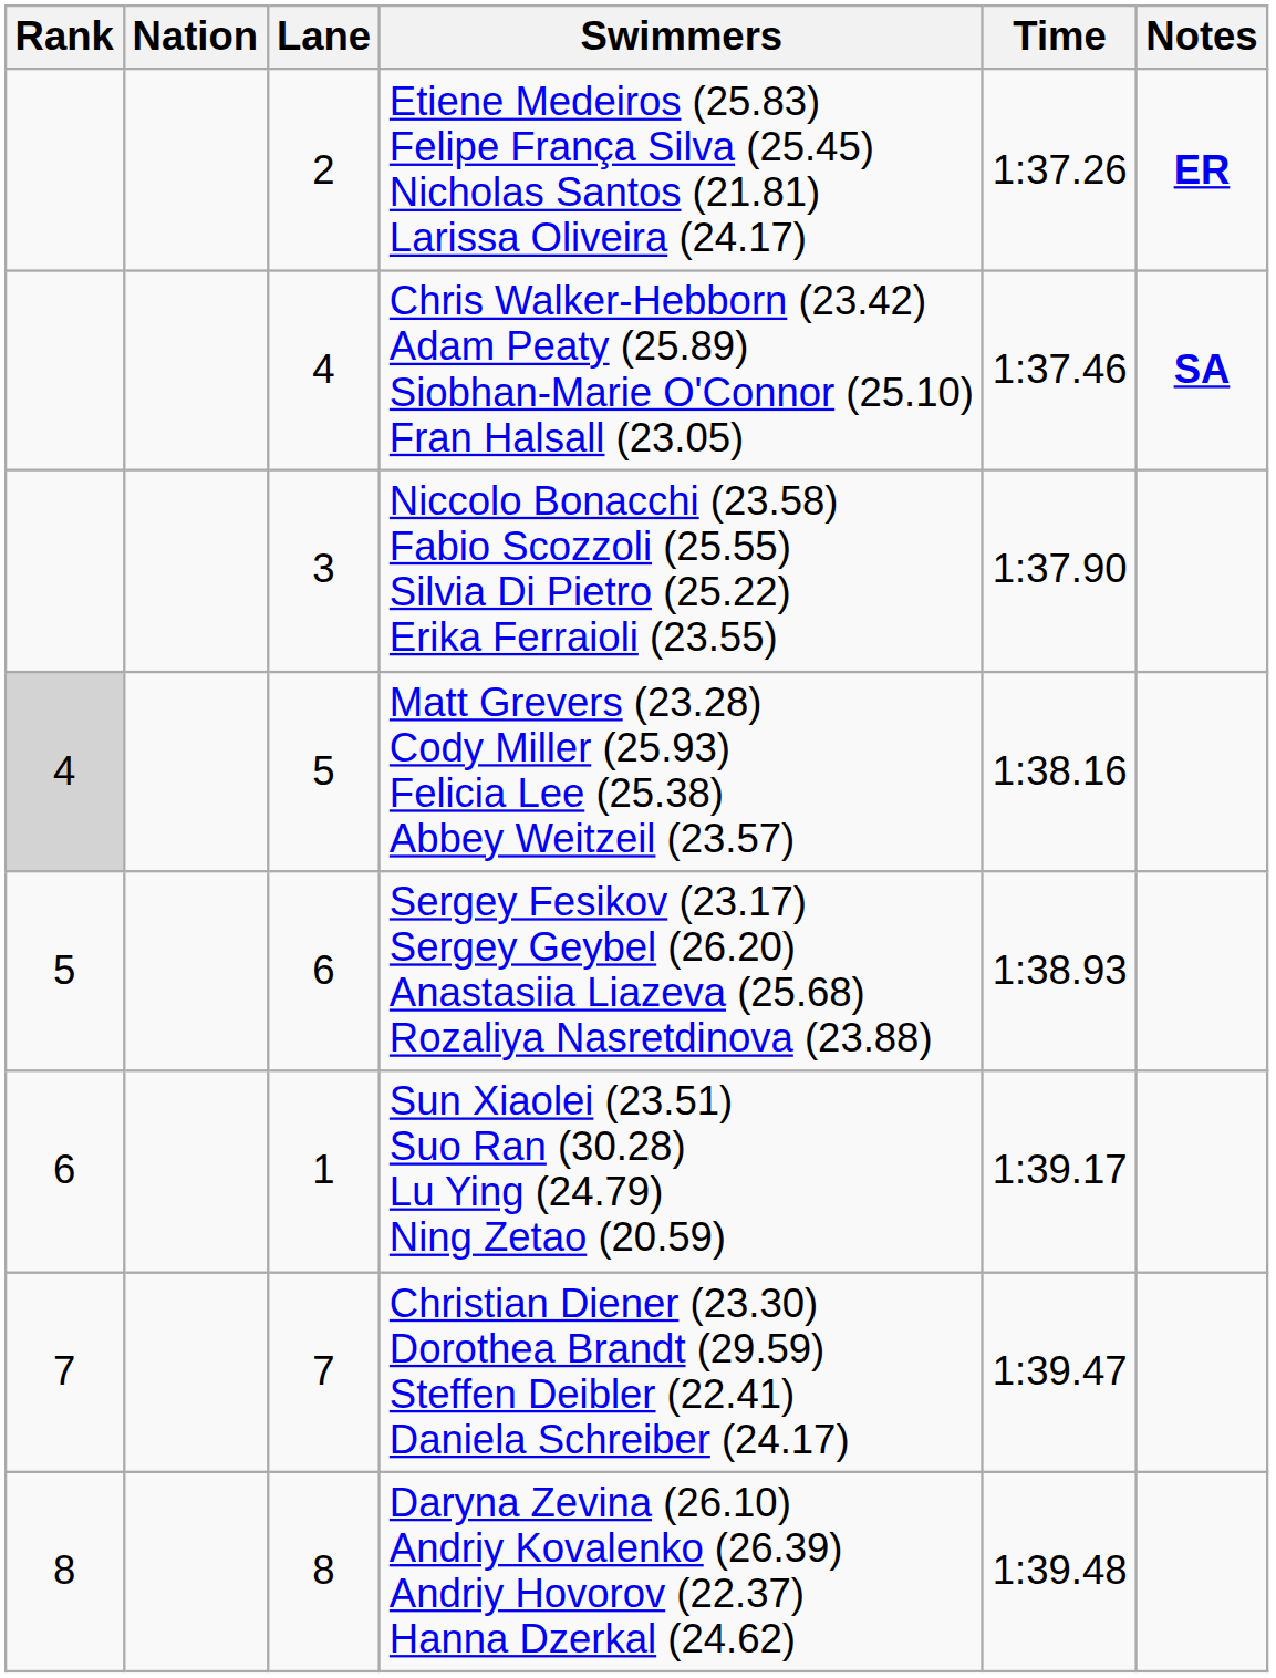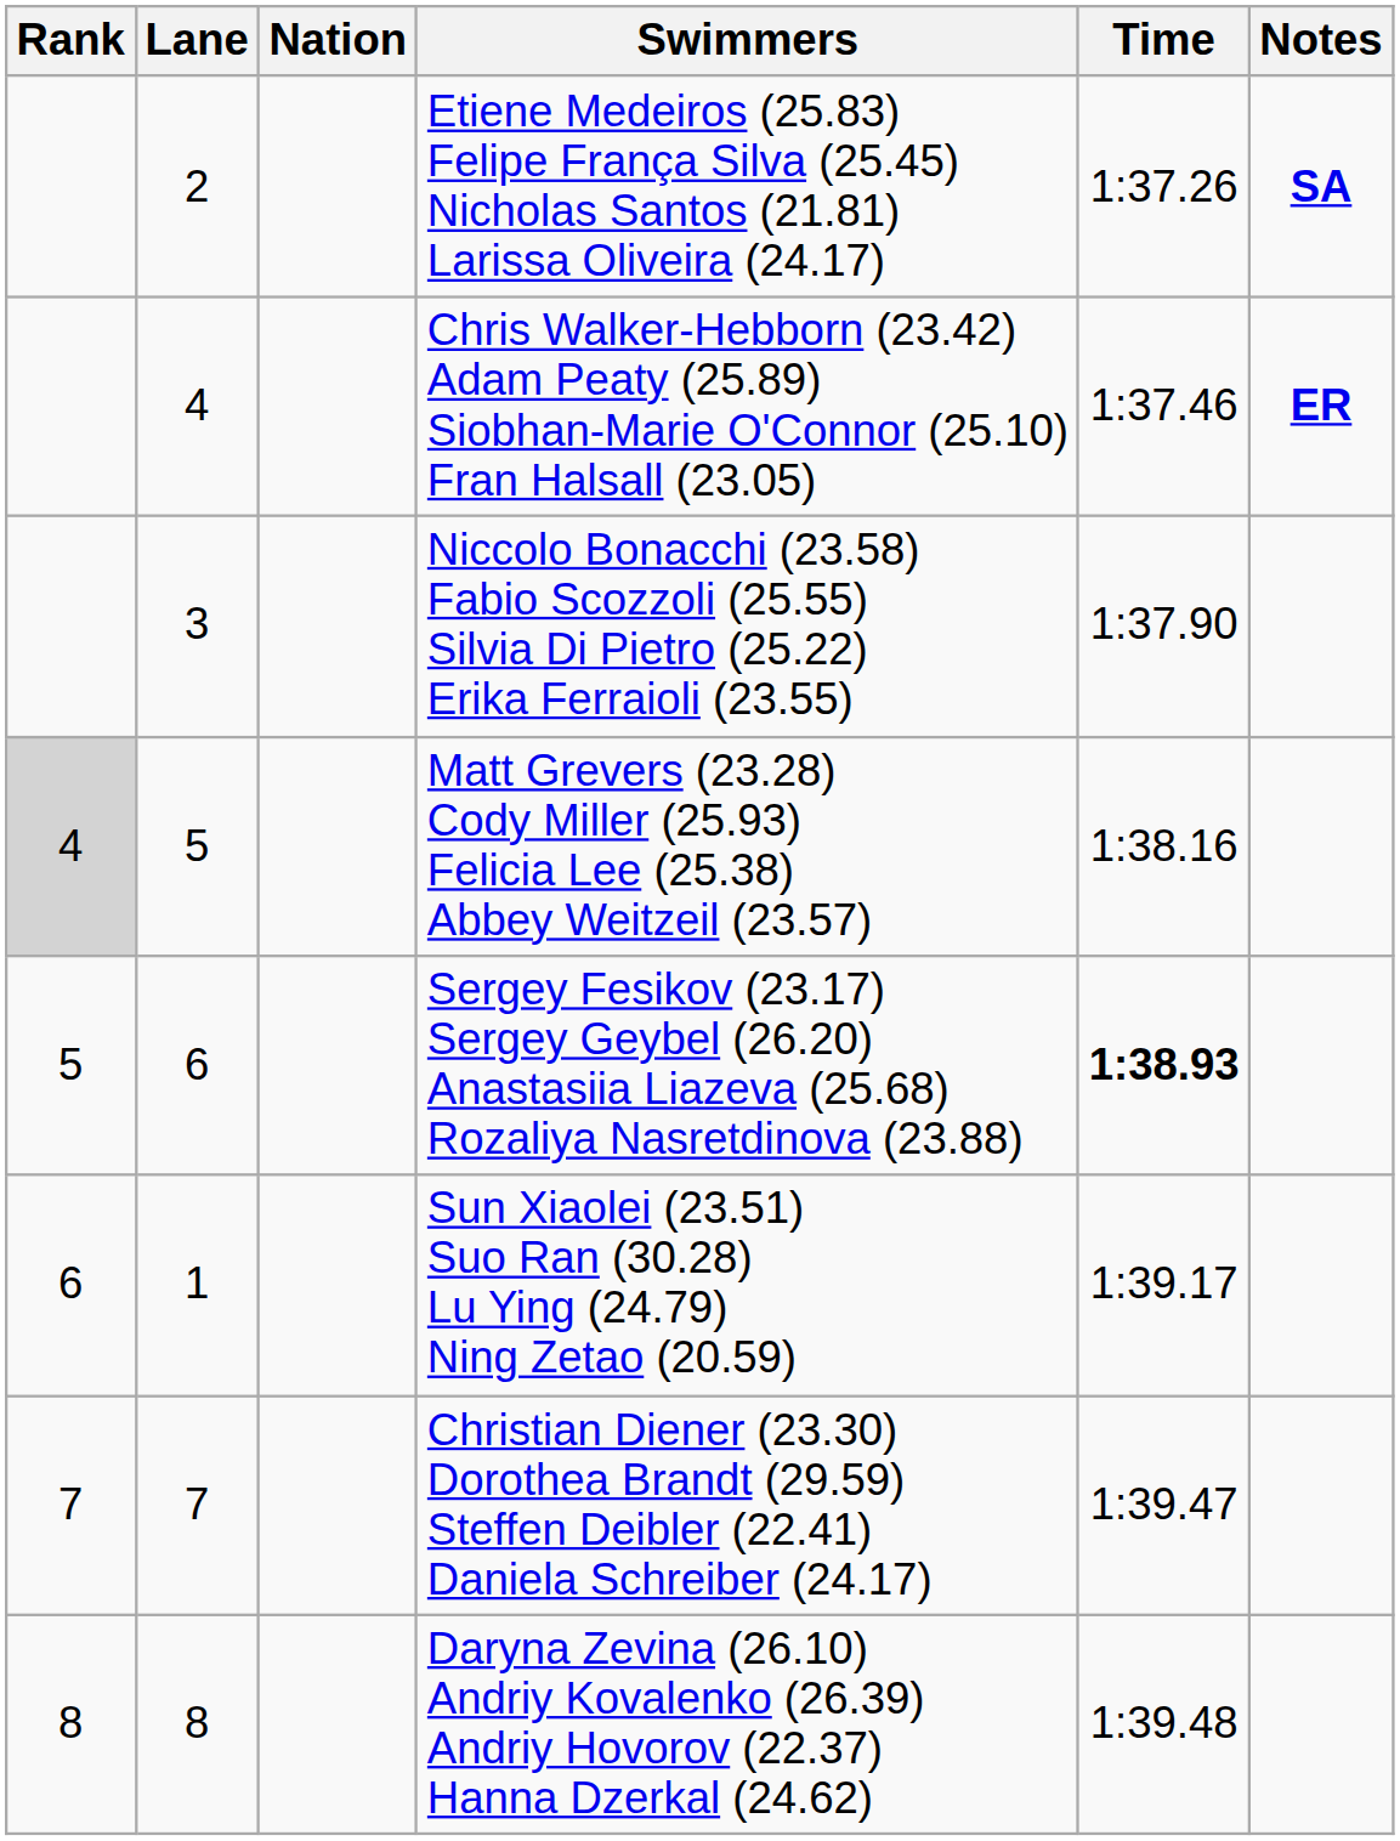 <table class="wikitable sortable" style="text-align:center">
 <tr>
 <th>Rank</th>
+<th>Lane</th>
 <th>Nation</th>
-<th>Lane</th>
 <th>Swimmers</th>
 <th>Time</th>
 <th>Notes</th>
 </tr>
 <tr>
 <td></td>
+<td>2</td>
 <td align=left></td>
-<td>2</td>
 <td align=left><a href='#'>Etiene Medeiros</a> (25.83)<br><a href='#'>Felipe França Silva</a> (25.45)<br><a href='#'>Nicholas Santos</a> (21.81)<br><a href='#'>Larissa Oliveira</a> (24.17)</td>
 <td>1:37.26</td>
+<td><strong><a href='#'>SA</a></strong></td>
+</tr>
+<tr>
+<td></td>
+<td>4</td>
+<td align=left></td>
+<td align=left><a href='#'>Chris Walker-Hebborn</a> (23.42)<br><a href='#'>Adam Peaty</a> (25.89)<br><a href='#'>Siobhan-Marie O'Connor</a> (25.10)<br><a href='#'>Fran Halsall</a> (23.05)</td>
+<td>1:37.46</td>
 <td><strong><a href='#'>ER</a></strong></td>
 </tr>
 <tr>
 <td></td>
+<td>3</td>
 <td align=left></td>
-<td>4</td>
-<td align=left><a href='#'>Chris Walker-Hebborn</a> (23.42)<br><a href='#'>Adam Peaty</a> (25.89)<br><a href='#'>Siobhan-Marie O'Connor</a> (25.10)<br><a href='#'>Fran Halsall</a> (23.05)</td>
-<td>1:37.46</td>
-<td><strong><a href='#'>SA</a></strong></td>
-</tr>
-<tr>
-<td></td>
-<td align=left></td>
-<td>3</td>
 <td align=left><a href='#'>Niccolo Bonacchi</a> (23.58)<br><a href='#'>Fabio Scozzoli</a> (25.55)<br><a href='#'>Silvia Di Pietro</a> (25.22)<br><a href='#'>Erika Ferraioli</a> (23.55)</td>
 <td>1:37.90</td>
 <td></td>
 </tr>
 <tr>
 <td style="background: lightgrey;">4</td>
+<td>5</td>
 <td align=left></td>
-<td>5</td>
 <td align=left><a href='#'>Matt Grevers</a> (23.28)<br><a href='#'>Cody Miller</a> (25.93)<br><a href='#'>Felicia Lee</a> (25.38)<br><a href='#'>Abbey Weitzeil</a> (23.57)</td>
 <td>1:38.16</td>
 <td></td>
 </tr>
 <tr>
 <td>5</td>
+<td>6</td>
 <td align=left></td>
-<td>6</td>
 <td align=left><a href='#'>Sergey Fesikov</a> (23.17)<br><a href='#'>Sergey Geybel</a> (26.20)<br><a href='#'>Anastasiia Liazeva</a> (25.68)<br><a href='#'>Rozaliya Nasretdinova</a> (23.88)</td>
-<td>1:38.93</td>
+<td><strong>1:38.93</strong></td>
 <td></td>
 </tr>
 <tr>
 <td>6</td>
+<td>1</td>
 <td align=left></td>
-<td>1</td>
 <td align=left><a href='#'>Sun Xiaolei</a> (23.51)<br><a href='#'>Suo Ran</a> (30.28)<br><a href='#'>Lu Ying</a> (24.79)<br><a href='#'>Ning Zetao</a> (20.59)</td>
 <td>1:39.17</td>
 <td></td>
 </tr>
 <tr>
 <td>7</td>
+<td>7</td>
 <td align=left></td>
-<td>7</td>
 <td align=left><a href='#'>Christian Diener</a> (23.30)<br><a href='#'>Dorothea Brandt</a> (29.59)<br><a href='#'>Steffen Deibler</a> (22.41)<br><a href='#'>Daniela Schreiber</a> (24.17)</td>
 <td>1:39.47</td>
 <td></td>
 </tr>
 <tr>
 <td>8</td>
+<td>8</td>
 <td align=left></td>
-<td>8</td>
 <td align=left><a href='#'>Daryna Zevina</a> (26.10)<br><a href='#'>Andriy Kovalenko</a> (26.39)<br><a href='#'>Andriy Hovorov</a> (22.37)<br><a href='#'>Hanna Dzerkal</a> (24.62)</td>
 <td>1:39.48</td>
 <td></td>
 </tr>
 </table>
